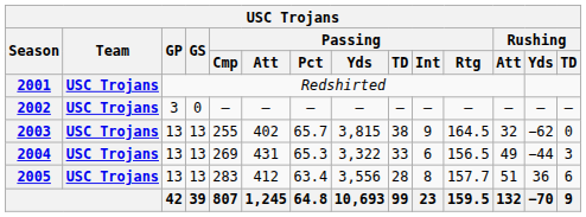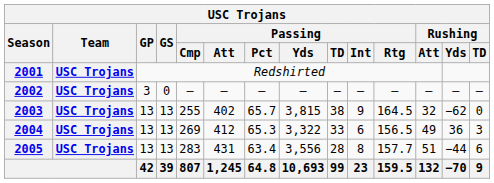 <table class="wikitable" style="text-align:center;">
 <tr>
 <th colspan="18">USC Trojans</th>
 </tr>
 <tr>
 <th rowspan="2">Season</th>
 <th rowspan="2">Team</th>
 <th rowspan="2">GP</th>
 <th rowspan="2">GS</th>
 <th colspan="7">Passing</th>
 <th colspan="3">Rushing</th>
 </tr>
 <tr>
 <th>Cmp</th>
 <th>Att</th>
 <th>Pct</th>
 <th>Yds</th>
 <th>TD</th>
 <th>Int</th>
 <th>Rtg</th>
 <th>Att</th>
 <th>Yds</th>
 <th>TD</th>
 </tr>
 <tr>
 <th><a href='#'>2001</a></th>
 <th><a href='#'>USC Trojans</a></th>
 <td colspan="10"><em>Redshirted</em></td>
 </tr>
 <tr>
 <th><a href='#'>2002</a></th>
 <th><a href='#'>USC Trojans</a></th>
 <td>3</td>
 <td>0</td>
 <td>–</td>
 <td>–</td>
 <td>–</td>
 <td>–</td>
 <td>–</td>
 <td>–</td>
 <td>–</td>
 <td>–</td>
 <td>–</td>
 <td>–</td>
 </tr>
 <tr>
 <th><a href='#'>2003</a></th>
 <th><a href='#'>USC Trojans</a></th>
 <td>13</td>
 <td>13</td>
 <td>255</td>
 <td>402</td>
 <td>65.7</td>
 <td>3,815</td>
 <td>38</td>
 <td>9</td>
 <td>164.5</td>
 <td>32</td>
 <td>−62</td>
 <td>0</td>
 </tr>
 <tr>
 <th><a href='#'>2004</a></th>
 <th><a href='#'>USC Trojans</a></th>
 <td>13</td>
 <td>13</td>
 <td>269</td>
-<td>431</td>
+<td>412</td>
 <td>65.3</td>
 <td>3,322</td>
 <td>33</td>
 <td>6</td>
 <td>156.5</td>
 <td>49</td>
-<td>−44</td>
+<td>36</td>
 <td>3</td>
 </tr>
 <tr>
 <th><a href='#'>2005</a></th>
 <th><a href='#'>USC Trojans</a></th>
 <td>13</td>
 <td>13</td>
 <td>283</td>
-<td>412</td>
+<td>431</td>
 <td>63.4</td>
 <td>3,556</td>
 <td>28</td>
 <td>8</td>
 <td>157.7</td>
 <td>51</td>
-<td>36</td>
+<td>−44</td>
 <td>6</td>
 </tr>
 <tr>
 <th colspan="2"></th>
 <th>42</th>
 <th>39</th>
 <th>807</th>
 <th>1,245</th>
 <th>64.8</th>
 <th>10,693</th>
 <th>99</th>
 <th>23</th>
 <th>159.5</th>
 <th>132</th>
 <th>−70</th>
 <th>9</th>
 </tr>
 </table>
